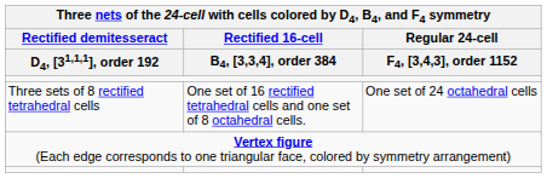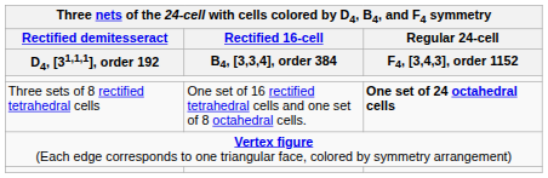 <table class="wikitable collapsible collapsed">
 <tr>
 <th colspan=12>Three <a href='#'>nets</a> of the <em>24-cell</em> with cells colored by D<sub>4</sub>, B<sub>4</sub>, and F<sub>4</sub> symmetry</th>
 </tr>
 <tr>
 <th><a href='#'>Rectified demitesseract</a></th>
 <th><a href='#'>Rectified 16-cell</a></th>
 <th>Regular 24-cell</th>
 </tr>
 <tr>
 <th>D<sub>4</sub>, [3<sup>1,1,1</sup>], order 192</th>
 <th>B<sub>4</sub>, [3,3,4], order 384</th>
 <th>F<sub>4</sub>, [3,4,3], order 1152</th>
 </tr>
 <tr>
 <td colspan=3 align=center></td>
 </tr>
 <tr valign=top>
 <td width=213>Three sets of 8 <a href='#'>rectified tetrahedral</a> cells</td>
 <td width=213>One set of 16 <a href='#'>rectified tetrahedral</a> cells and one set of 8 <a href='#'>octahedral</a> cells.</td>
-<td width=213>One set of 24 <a href='#'>octahedral</a> cells</td>
+<td width=213><strong>One set of 24 <a href='#'>octahedral</a> cells</strong></td>
 </tr>
 <tr>
 <td colspan=3 align=center><strong><a href='#'>Vertex figure</a></strong><br>(Each edge corresponds to one triangular face, colored by symmetry arrangement)</td>
 </tr>
 <tr align=center>
 <td></td>
 <td></td>
 <td></td>
 </tr>
 </table>
